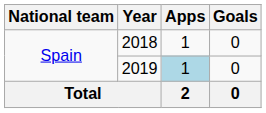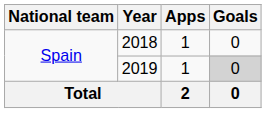 <table class="wikitable" style="text-align:center">
 <tr>
 <th>National team</th>
 <th>Year</th>
 <th>Apps</th>
 <th>Goals</th>
 </tr>
 <tr>
 <td rowspan="2"><a href='#'>Spain</a></td>
 <td>2018</td>
 <td>1</td>
 <td>0</td>
 </tr>
 <tr>
 <td>2019</td>
-<td style="background: lightblue;">1</td>
-<td>0</td>
+<td>1</td>
+<td style="background: lightgrey;">0</td>
 </tr>
 <tr>
 <th colspan="2">Total</th>
 <th>2</th>
 <th>0</th>
 </tr>
 </table>
